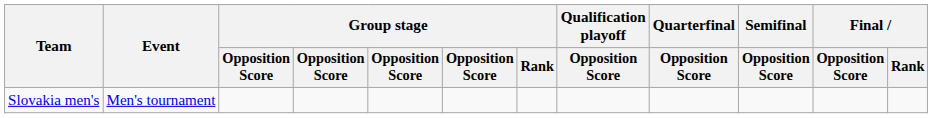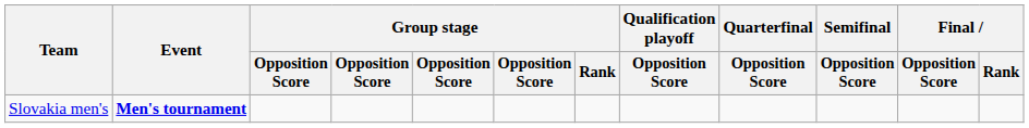 <table class="wikitable" style="font-size:90%">
 <tr>
 <th rowspan=2>Team</th>
 <th rowspan=2>Event</th>
 <th colspan=5>Group stage</th>
 <th>Qualification<br>playoff</th>
 <th>Quarterfinal</th>
 <th>Semifinal</th>
 <th colspan=2>Final / </th>
 </tr>
 <tr style="font-size:95%">
 <th>Opposition<br>Score</th>
 <th>Opposition<br>Score</th>
 <th>Opposition<br>Score</th>
 <th>Opposition<br>Score</th>
 <th>Rank</th>
 <th>Opposition<br>Score</th>
 <th>Opposition<br>Score</th>
 <th>Opposition<br>Score</th>
 <th>Opposition<br>Score</th>
 <th>Rank</th>
 </tr>
 <tr align=center>
 <td align=left><a href='#'>Slovakia men's</a></td>
-<td align=left><a href='#'>Men's tournament</a></td>
+<td align=left><strong><a href='#'>Men's tournament</a></strong></td>
 <td></td>
 <td></td>
 <td></td>
 <td></td>
 <td></td>
 <td></td>
 <td></td>
 <td></td>
 <td></td>
 <td></td>
 </tr>
 </table>
